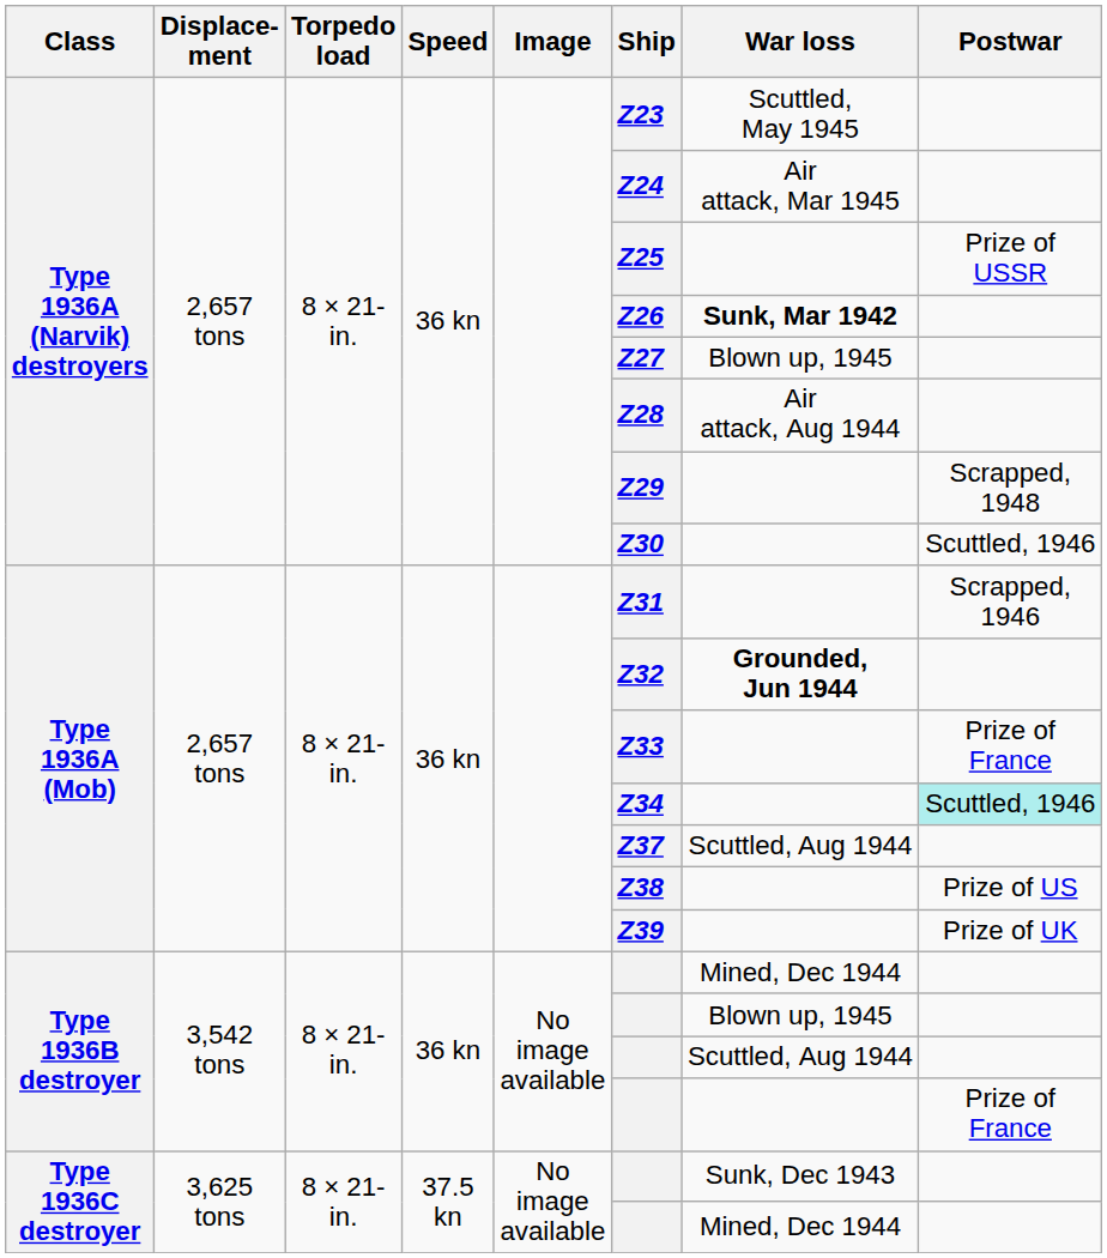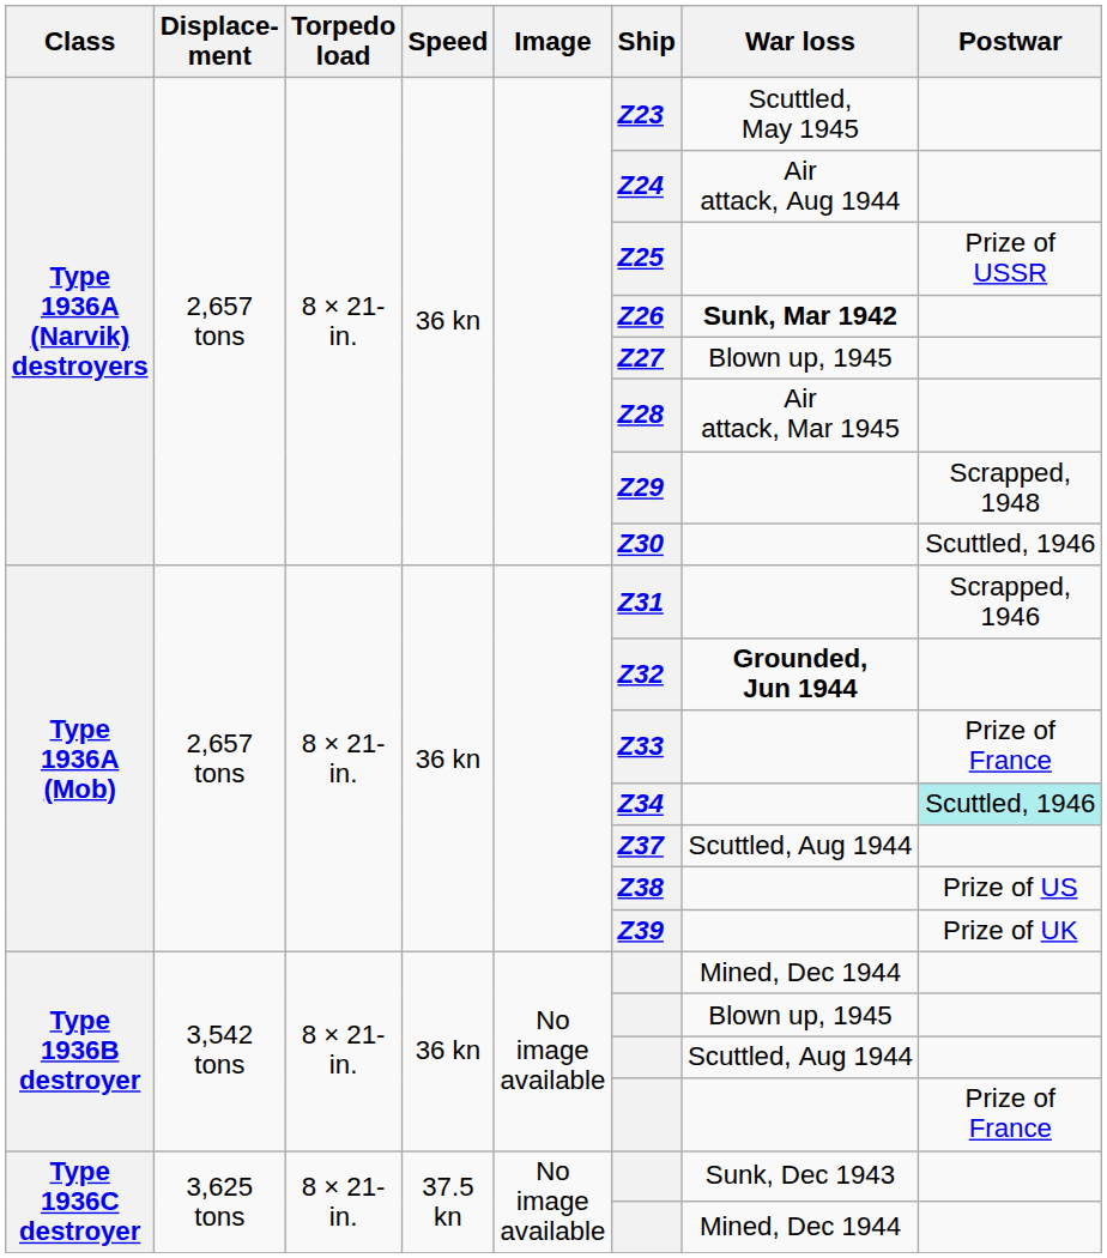 <table class="wikitable">
 <tr>
 <th>Class</th>
 <th>Displace-<br>ment</th>
 <th>Torpedo<br>load</th>
 <th>Speed</th>
 <th>Image</th>
 <th>Ship</th>
 <th>War loss</th>
 <th>Postwar</th>
 </tr>
 <tr>
 <th scope="row" rowspan=8 style="text-align:center"><a href='#'>Type 1936A (Narvik)<br>destroyers</a></th>
 <td scope="row" rowspan=8 style="text-align:center">2,657 tons</td>
 <td scope="row" rowspan=8 style="text-align:center">8 × 21-in.</td>
 <td scope="row" rowspan=8 style="text-align:center">36 kn</td>
 <td scope="row" rowspan=8></td>
 <th style="text-align:left"><a href='#'><em>Z23</em></a></th>
 <td style="text-align:center">Scuttled, May 1945</td>
 <td></td>
 </tr>
 <tr>
 <th style="text-align:left"><a href='#'><em>Z24</em></a></th>
-<td style="text-align:center">Air attack, Mar 1945</td>
+<td style="text-align:center">Air attack, Aug 1944</td>
 <td></td>
 </tr>
 <tr>
 <th style="text-align:left"><a href='#'><em>Z25</em></a></th>
 <td></td>
 <td style="text-align:center">Prize of <a href='#'>USSR</a></td>
 </tr>
 <tr>
 <th style="text-align:left"><a href='#'><em>Z26</em></a></th>
 <td style="text-align:center"><strong>Sunk, Mar 1942</strong></td>
 <td></td>
 </tr>
 <tr>
 <th style="text-align:left"><a href='#'><em>Z27</em></a></th>
 <td style="text-align:center">Blown up, 1945</td>
 <td></td>
 </tr>
 <tr>
 <th style="text-align:left"><a href='#'><em>Z28</em></a></th>
-<td style="text-align:center">Air attack, Aug 1944</td>
+<td style="text-align:center">Air attack, Mar 1945</td>
 <td></td>
 </tr>
 <tr>
 <th style="text-align:left"><a href='#'><em>Z29</em></a></th>
 <td></td>
 <td style="text-align:center">Scrapped, 1948</td>
 </tr>
 <tr>
 <th style="text-align:left"><a href='#'><em>Z30</em></a></th>
 <td></td>
 <td style="text-align:center">Scuttled, 1946</td>
 </tr>
 <tr>
 <th scope="row" rowspan=7 style="text-align:center"><a href='#'>Type 1936A (Mob)</a></th>
 <td scope="row" rowspan=7 style="text-align:center">2,657 tons</td>
 <td scope="row" rowspan=7 style="text-align:center">8 × 21-in.</td>
 <td scope="row" rowspan=7 style="text-align:center">36 kn</td>
 <td scope="row" rowspan=7 style="text-align:center"></td>
 <th style="text-align:left"><a href='#'><em>Z31</em></a></th>
 <td></td>
 <td style="text-align:center">Scrapped, 1946</td>
 </tr>
 <tr>
 <th style="text-align:left"><a href='#'><em>Z32</em></a></th>
 <td style="text-align:center"><strong>Grounded, Jun 1944</strong></td>
 <td></td>
 </tr>
 <tr>
 <th style="text-align:left"><a href='#'><em>Z33</em></a></th>
 <td></td>
 <td style="text-align:center">Prize of <a href='#'>France</a></td>
 </tr>
 <tr>
 <th style="text-align:left"><a href='#'><em>Z34</em></a></th>
 <td></td>
 <td style="background: paleturquoise; text-align:center">Scuttled, 1946</td>
 </tr>
 <tr>
 <th style="text-align:left"><a href='#'><em>Z37</em></a></th>
 <td style="text-align:center">Scuttled, Aug 1944</td>
 <td></td>
 </tr>
 <tr>
 <th style="text-align:left"><a href='#'><em>Z38</em></a></th>
 <td></td>
 <td style="text-align:center">Prize of <a href='#'>US</a></td>
 </tr>
 <tr>
 <th style="text-align:left"><a href='#'><em>Z39</em></a></th>
 <td></td>
 <td style="text-align:center">Prize of <a href='#'>UK</a></td>
 </tr>
 <tr>
 <th scope="row" rowspan=4 style="text-align:center"><a href='#'>Type 1936B destroyer</a></th>
 <td scope="row" rowspan=4 style="text-align:center">3,542 tons</td>
 <td scope="row" rowspan=4 style="text-align:center">8 × 21-in.</td>
 <td scope="row" rowspan=4 style="text-align:center">36 kn</td>
 <td scope="row" rowspan=4 style="text-align:center">No image available</td>
 <th style="text-align:left"></th>
 <td style="text-align:center">Mined, Dec 1944</td>
 <td></td>
 </tr>
 <tr>
 <th style="text-align:left"></th>
 <td style="text-align:center">Blown up, 1945</td>
 <td></td>
 </tr>
 <tr>
 <th style="text-align:left"></th>
 <td style="text-align:center">Scuttled, Aug 1944</td>
 <td></td>
 </tr>
 <tr>
 <th style="text-align:left"></th>
 <td></td>
 <td style="text-align:center">Prize of <a href='#'>France</a></td>
 </tr>
 <tr>
 <th scope="row" rowspan=2 style="text-align:center"><a href='#'>Type 1936C destroyer</a></th>
 <td scope="row" rowspan=2 style="text-align:center">3,625 tons</td>
 <td scope="row" rowspan=2 style="text-align:center">8 × 21-in.</td>
 <td scope="row" rowspan=2 style="text-align:center">37.5 kn</td>
 <td scope="row" rowspan=2 style="text-align:center">No image available</td>
 <th style="text-align:left"></th>
 <td style="text-align:center">Sunk, Dec 1943</td>
 <td></td>
 </tr>
 <tr>
 <th style="text-align:left"></th>
 <td style="text-align:center">Mined, Dec 1944</td>
 <td></td>
 </tr>
 </table>
